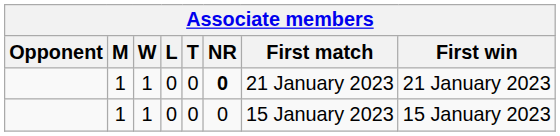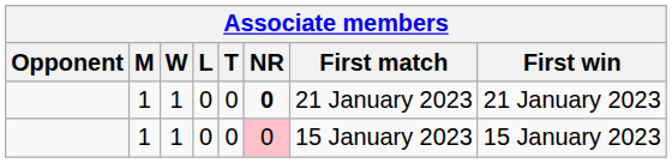 <table class="wikitable" style="text-align: center;">
 <tr>
 <th colspan="8"><a href='#'>Associate members</a></th>
 </tr>
 <tr>
 <th>Opponent</th>
 <th>M</th>
 <th>W</th>
 <th>L</th>
 <th>T</th>
 <th>NR</th>
 <th>First match</th>
 <th>First win</th>
 </tr>
 <tr>
 <td></td>
 <td>1</td>
 <td>1</td>
 <td>0</td>
 <td>0</td>
 <td><strong>0</strong></td>
 <td>21 January 2023</td>
 <td>21 January 2023</td>
 </tr>
 <tr>
 <td></td>
 <td>1</td>
 <td>1</td>
 <td>0</td>
 <td>0</td>
-<td>0</td>
+<td style="background: pink;">0</td>
 <td>15 January 2023</td>
 <td>15 January 2023</td>
 </tr>
 </table>
